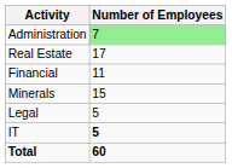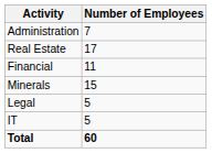 <table border="1" cellspacing="0" cellpadding="5" style="border-collapse:collapse;" class="wikitable">
 <tr>
 <th>Activity</th>
 <th>Number of Employees</th>
 </tr>
 <tr>
 <td>Administration</td>
-<td style="background: lightgreen;">7</td>
+<td>7</td>
 </tr>
 <tr>
 <td>Real Estate</td>
 <td>17</td>
 </tr>
 <tr>
 <td>Financial</td>
 <td>11</td>
 </tr>
 <tr>
 <td>Minerals</td>
 <td>15</td>
 </tr>
 <tr>
 <td>Legal</td>
 <td>5</td>
 </tr>
 <tr>
 <td>IT</td>
-<td><strong>5</strong></td>
+<td>5</td>
 </tr>
 <tr>
 <td><strong>Total</strong></td>
 <td><strong>60</strong></td>
 </tr>
 </table>
